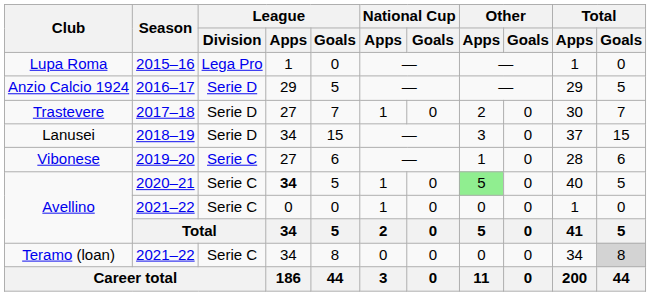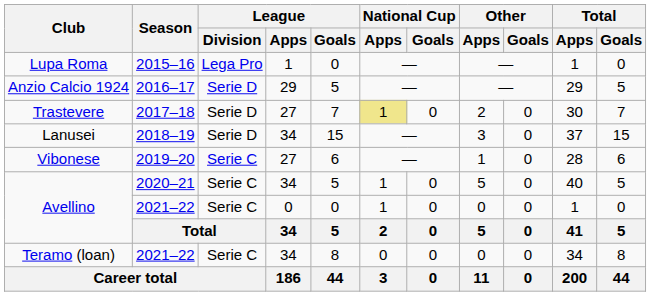 <table class="wikitable" style="text-align:center">
 <tr>
 <th rowspan="2">Club</th>
 <th rowspan="2">Season</th>
 <th colspan="3">League</th>
 <th colspan="2">National Cup</th>
 <th colspan="2">Other</th>
 <th colspan="2">Total</th>
 </tr>
 <tr>
 <th>Division</th>
 <th>Apps</th>
 <th>Goals</th>
 <th>Apps</th>
 <th>Goals</th>
 <th>Apps</th>
 <th>Goals</th>
 <th>Apps</th>
 <th>Goals</th>
 </tr>
 <tr>
 <td><a href='#'>Lupa Roma</a></td>
 <td><a href='#'>2015–16</a></td>
 <td><a href='#'>Lega Pro</a></td>
 <td>1</td>
 <td>0</td>
 <td colspan="2">—</td>
 <td colspan="2">—</td>
 <td>1</td>
 <td>0</td>
 </tr>
 <tr>
 <td><a href='#'>Anzio Calcio 1924</a></td>
 <td><a href='#'>2016–17</a></td>
 <td><a href='#'>Serie D</a></td>
 <td>29</td>
 <td>5</td>
 <td colspan="2">—</td>
 <td colspan="2">—</td>
 <td>29</td>
 <td>5</td>
 </tr>
 <tr>
 <td><a href='#'>Trastevere</a></td>
 <td><a href='#'>2017–18</a></td>
 <td>Serie D</td>
 <td>27</td>
 <td>7</td>
-<td>1</td>
+<td style="background: khaki;">1</td>
 <td>0</td>
 <td>2</td>
 <td>0</td>
 <td>30</td>
 <td>7</td>
 </tr>
 <tr>
 <td>Lanusei</td>
 <td><a href='#'>2018–19</a></td>
 <td>Serie D</td>
 <td>34</td>
 <td>15</td>
 <td colspan="2">—</td>
 <td>3</td>
 <td>0</td>
 <td>37</td>
 <td>15</td>
 </tr>
 <tr>
 <td><a href='#'>Vibonese</a></td>
 <td><a href='#'>2019–20</a></td>
 <td><a href='#'>Serie C</a></td>
 <td>27</td>
 <td>6</td>
 <td colspan="2">—</td>
 <td>1</td>
 <td>0</td>
 <td>28</td>
 <td>6</td>
 </tr>
 <tr>
 <td rowspan="3"><a href='#'>Avellino</a></td>
 <td><a href='#'>2020–21</a></td>
 <td>Serie C</td>
-<td><strong>34</strong></td>
+<td>34</td>
 <td>5</td>
 <td>1</td>
 <td>0</td>
-<td style="background: lightgreen;">5</td>
+<td>5</td>
 <td>0</td>
 <td>40</td>
 <td>5</td>
 </tr>
 <tr>
 <td><a href='#'>2021–22</a></td>
 <td>Serie C</td>
 <td>0</td>
 <td>0</td>
 <td>1</td>
 <td>0</td>
 <td>0</td>
 <td>0</td>
 <td>1</td>
 <td>0</td>
 </tr>
 <tr>
 <th colspan="2">Total</th>
 <th>34</th>
 <th>5</th>
 <th>2</th>
 <th>0</th>
 <th>5</th>
 <th>0</th>
 <th>41</th>
 <th>5</th>
 </tr>
 <tr>
 <td><a href='#'>Teramo</a> (loan)</td>
 <td><a href='#'>2021–22</a></td>
 <td>Serie C</td>
 <td>34</td>
 <td>8</td>
 <td>0</td>
 <td>0</td>
 <td>0</td>
 <td>0</td>
 <td>34</td>
-<td style="background: lightgrey;">8</td>
+<td>8</td>
 </tr>
 <tr>
 <th colspan="3">Career total</th>
 <th>186</th>
 <th>44</th>
 <th>3</th>
 <th>0</th>
 <th>11</th>
 <th>0</th>
 <th>200</th>
 <th>44</th>
 </tr>
 </table>
